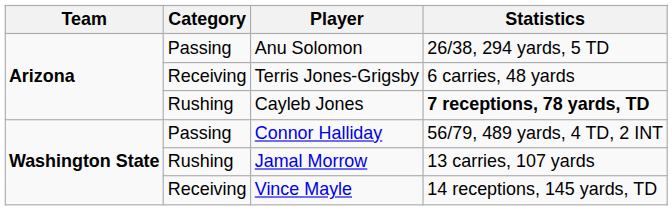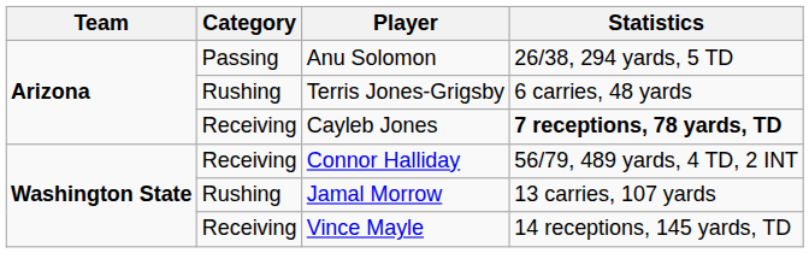 <table class="wikitable" style="float: right;">
 <tr>
 <th>Team</th>
 <th>Category</th>
 <th>Player</th>
 <th>Statistics</th>
 </tr>
 <tr>
 <td rowspan=3><strong>Arizona</strong></td>
 <td>Passing</td>
 <td>Anu Solomon</td>
 <td>26/38, 294 yards, 5 TD</td>
 </tr>
 <tr>
-<td>Receiving</td>
+<td>Rushing</td>
 <td>Terris Jones-Grigsby</td>
 <td>6 carries, 48 yards</td>
 </tr>
 <tr>
-<td>Rushing</td>
+<td>Receiving</td>
 <td>Cayleb Jones</td>
 <td><strong>7 receptions, 78 yards, TD</strong></td>
 </tr>
 <tr>
 <td rowspan=3><strong>Washington State</strong></td>
-<td>Passing</td>
+<td>Receiving</td>
 <td><a href='#'>Connor Halliday</a></td>
 <td>56/79, 489 yards, 4 TD, 2 INT</td>
 </tr>
 <tr>
 <td>Rushing</td>
 <td><a href='#'>Jamal Morrow</a></td>
 <td>13 carries, 107 yards</td>
 </tr>
 <tr>
 <td>Receiving</td>
 <td><a href='#'>Vince Mayle</a></td>
 <td>14 receptions, 145 yards, TD</td>
 </tr>
 </table>
